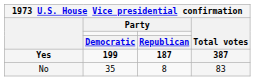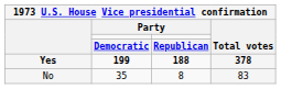 <table class=wikitable style="text-align:center">
 <tr>
 <th colspan=6 style="background:#f5f5f5">1973 <a href='#'>U.S. House</a> <a href='#'>Vice presidential</a> confirmation</th>
 </tr>
 <tr style="vertical-align:bottom;">
 <th rowspan=3 style="width: 9em;"><br></th>
 <th colspan=2>Party</th>
 <th rowspan=3>Total votes</th>
 </tr>
 <tr style="height:5px">
 <td style="background-color:"></td>
 <td style="background-color:"></td>
 </tr>
 <tr style="vertical-align:bottom;">
 <th><a href='#'>Democratic</a></th>
 <th><a href='#'>Republican</a></th>
 </tr>
 <tr>
 <td style="background:#f5f5f5"><strong>Yes</strong></td>
 <td><strong>199</strong></td>
-<td><strong>187</strong></td>
-<td style="background:#f5f5f5"><strong>387</strong></td>
+<td><strong>188</strong></td>
+<td style="background:#f5f5f5"><strong>378</strong></td>
 </tr>
 <tr>
 <td style="background:#f5f5f5">No</td>
 <td>35</td>
 <td>8</td>
 <td style="background:#f5f5f5">83</td>
 </tr>
 </table>
